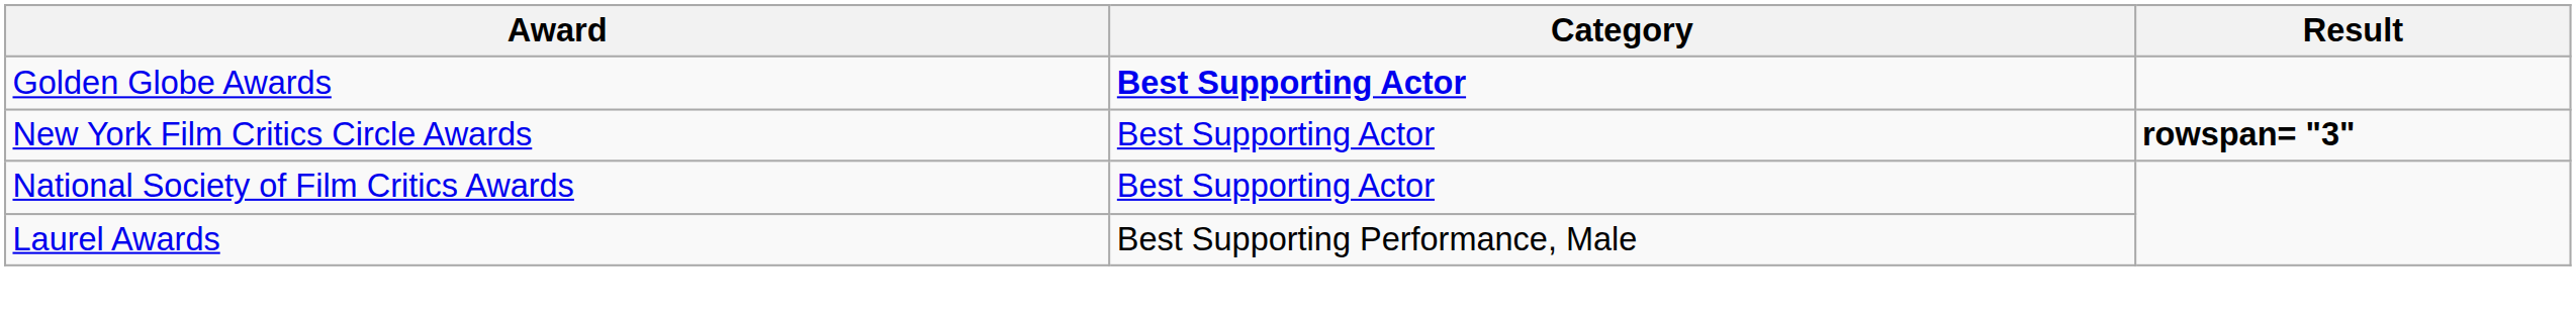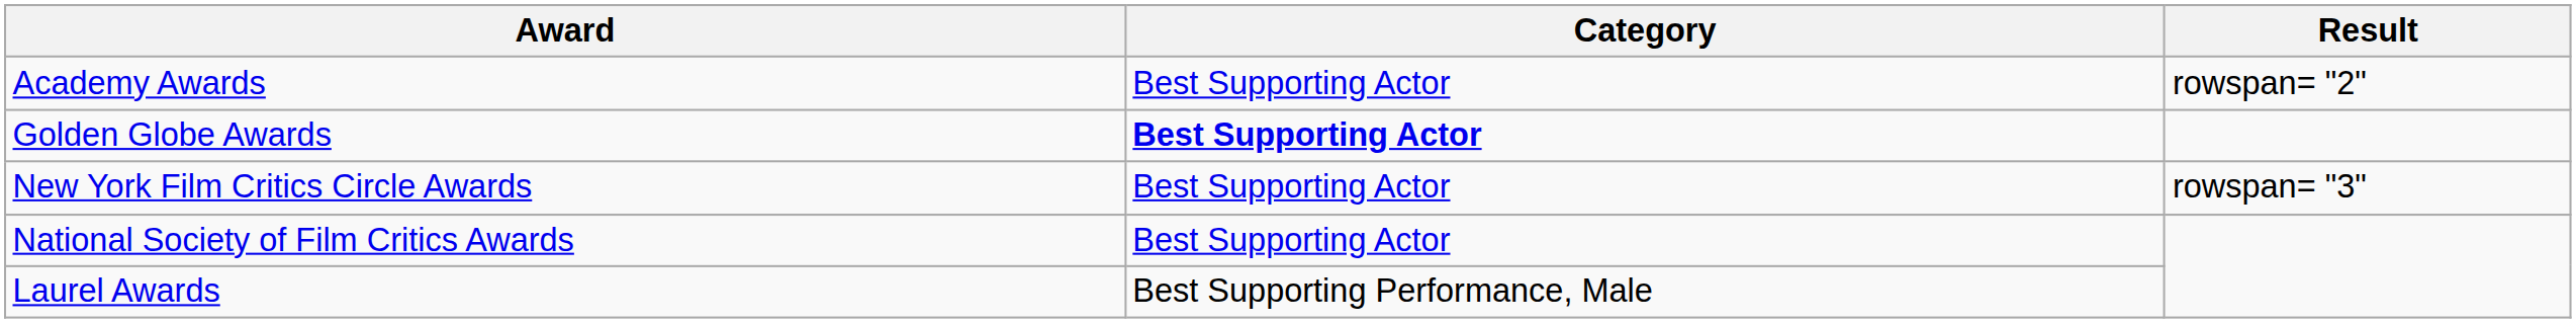 <table class="wikitable sortable" style="width: 99%;">
 <tr>
 <th scope="col">Award</th>
 <th scope="col">Category</th>
 <th scope="col">Result</th>
+</tr>
+<tr>
+<td><a href='#'>Academy Awards</a></td>
+<td><a href='#'>Best Supporting Actor</a></td>
+<td>rowspan= "2" </td>
 </tr>
 <tr>
 <td><a href='#'>Golden Globe Awards</a></td>
 <td><strong><a href='#'>Best Supporting Actor</a></strong></td>
 </tr>
 <tr>
 <td><a href='#'>New York Film Critics Circle Awards</a></td>
 <td><a href='#'>Best Supporting Actor</a></td>
-<td><strong>rowspan= "3" </strong></td>
+<td>rowspan= "3" </td>
 </tr>
 <tr>
 <td><a href='#'>National Society of Film Critics Awards</a></td>
 <td><a href='#'>Best Supporting Actor</a></td>
 </tr>
 <tr>
 <td><a href='#'>Laurel Awards</a></td>
 <td>Best Supporting Performance, Male</td>
 </tr>
 </table>
